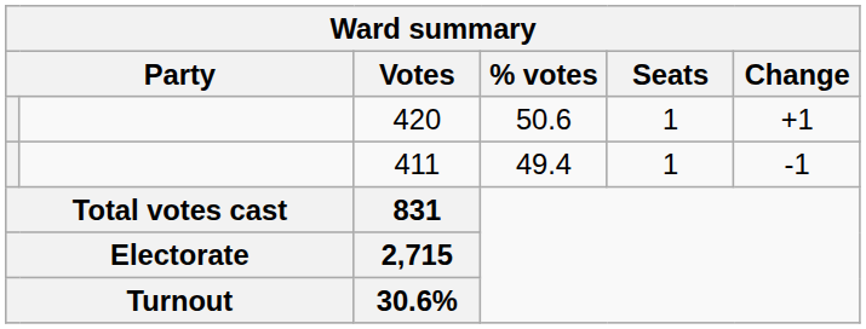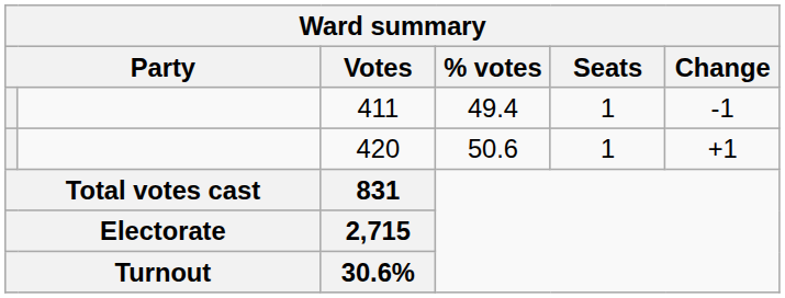 <table class="wikitable" style="font-size: 95%;">
 <tr style="background-color:#E9E9E9">
 <th colspan="6">Ward summary</th>
 </tr>
 <tr style="background-color:#E9E9E9">
 <th colspan="2">Party</th>
 <th style="width: 60px">Votes</th>
 <th style="width: 60px">% votes</th>
 <th style="width: 60px">Seats</th>
 <th style="width: 60px">Change</th>
 </tr>
 <tr>
 <th style="background-color: "></th>
 <td style="width: 170px"><a href='#'></a></td>
+<td align="center">411</td>
+<td align="center">49.4</td>
+<td align="center">1</td>
+<td align="center">-1</td>
+</tr>
+<tr>
+<th style="background-color: "></th>
+<td style="width: 170px"><a href='#'></a></td>
 <td align="center">420</td>
 <td align="center">50.6</td>
 <td align="center">1</td>
 <td align="center">+1</td>
-</tr>
-<tr>
-<th style="background-color: "></th>
-<td style="width: 170px"><a href='#'></a></td>
-<td align="center">411</td>
-<td align="center">49.4</td>
-<td align="center">1</td>
-<td align="center">-1</td>
 </tr>
 <tr style="background-color:#E9E9E9">
 <th colspan="2">Total votes cast</th>
 <th style="width: 60px">831</th>
 </tr>
 <tr style="background-color:#E9E9E9">
 <th colspan="2">Electorate</th>
 <th style="width: 60px">2,715</th>
 </tr>
 <tr style="background-color:#E9E9E9">
 <th colspan="2">Turnout</th>
 <th style="width: 60px">30.6%</th>
 </tr>
 </table>
